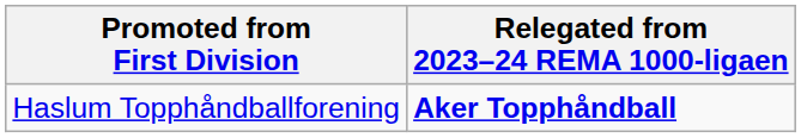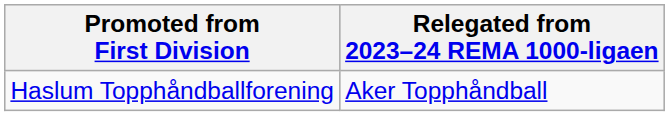 <table class="wikitable">
 <tr>
 <th>Promoted from<br><a href='#'>First Division</a></th>
 <th>Relegated from<br><a href='#'>2023–24 REMA 1000-ligaen</a></th>
 </tr>
 <tr>
 <td><a href='#'>Haslum Topphåndballforening</a></td>
-<td><strong><a href='#'>Aker Topphåndball</a></strong></td>
+<td><a href='#'>Aker Topphåndball</a></td>
 </tr>
 </table>
